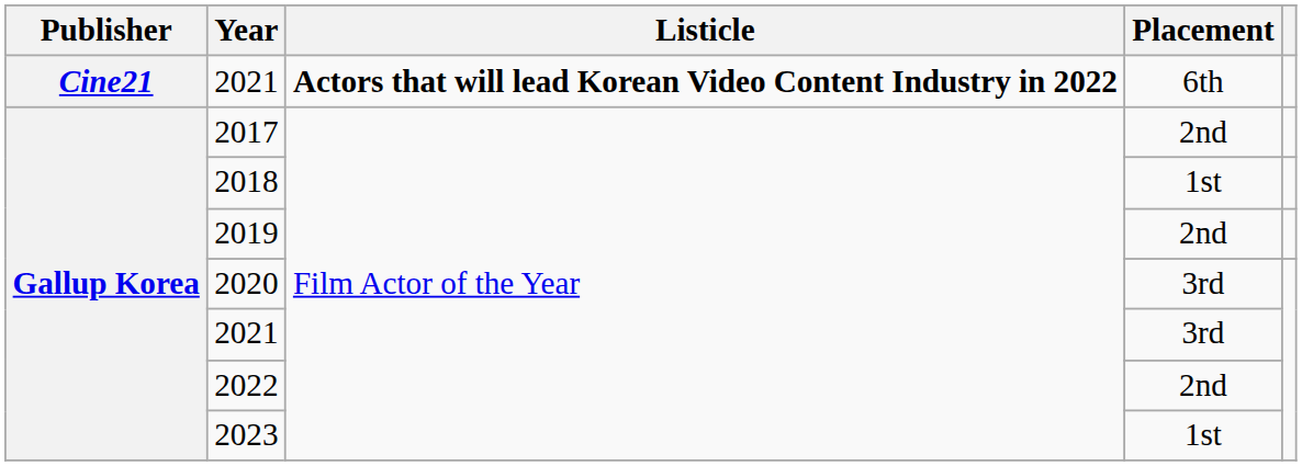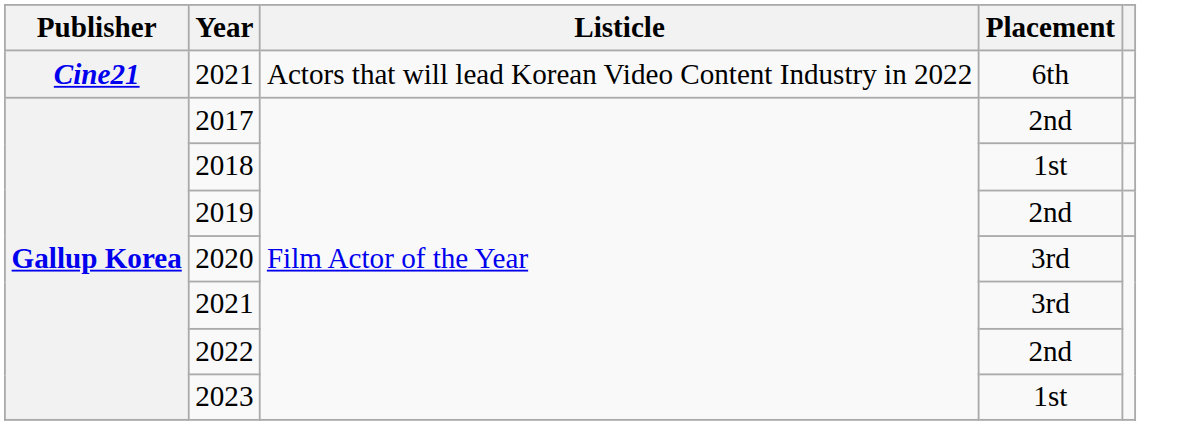 <table class="wikitable plainrowheaders sortable" style="text-align:center">
 <tr>
 <th scope="col">Publisher</th>
 <th scope="col">Year</th>
 <th scope="col">Listicle</th>
 <th scope="col">Placement</th>
 <th scope="col" class="unsortable"></th>
 </tr>
 <tr>
 <th scope="row"><em><a href='#'>Cine21</a></em></th>
 <td>2021</td>
-<td style="text-align:left"><strong>Actors that will lead Korean Video Content Industry in 2022</strong></td>
+<td style="text-align:left">Actors that will lead Korean Video Content Industry in 2022</td>
 <td>6th</td>
 <td></td>
 </tr>
 <tr>
 <th scope="row" rowspan="7"><a href='#'>Gallup Korea</a></th>
 <td>2017</td>
 <td rowspan="7" style="text-align:left"><a href='#'>Film Actor of the Year</a></td>
 <td>2nd</td>
 <td></td>
 </tr>
 <tr>
 <td>2018</td>
 <td>1st</td>
 <td></td>
 </tr>
 <tr>
 <td>2019</td>
 <td>2nd</td>
 <td></td>
 </tr>
 <tr>
 <td>2020</td>
 <td>3rd</td>
 <td rowspan="4"></td>
 </tr>
 <tr>
 <td>2021</td>
 <td>3rd</td>
 </tr>
 <tr>
 <td>2022</td>
 <td>2nd</td>
 </tr>
 <tr>
 <td>2023</td>
 <td>1st</td>
 </tr>
 </table>
